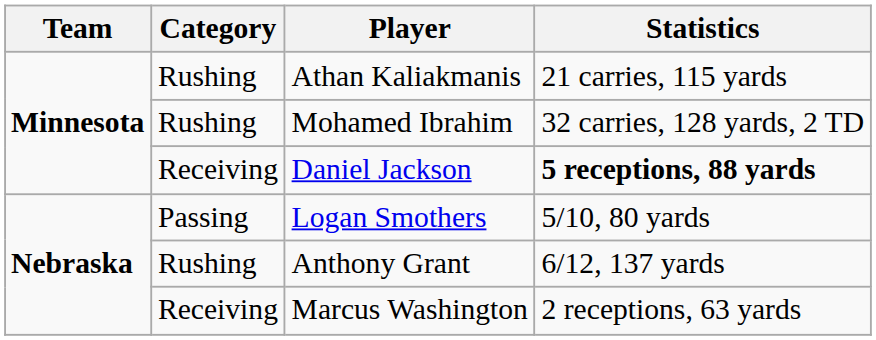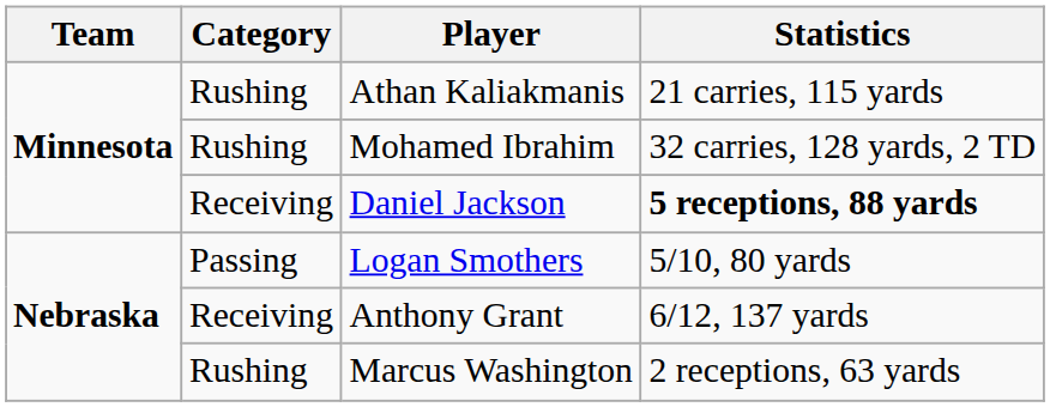 <table class="wikitable" style="float: right;">
 <tr>
 <th>Team</th>
 <th>Category</th>
 <th>Player</th>
 <th>Statistics</th>
 </tr>
 <tr>
 <td rowspan=3><strong>Minnesota</strong></td>
 <td>Rushing</td>
 <td>Athan Kaliakmanis</td>
 <td>21 carries, 115 yards</td>
 </tr>
 <tr>
 <td>Rushing</td>
 <td>Mohamed Ibrahim</td>
 <td>32 carries, 128 yards, 2 TD</td>
 </tr>
 <tr>
 <td>Receiving</td>
 <td><a href='#'>Daniel Jackson</a></td>
 <td><strong>5 receptions, 88 yards</strong></td>
 </tr>
 <tr>
 <td rowspan=3><strong>Nebraska</strong></td>
 <td>Passing</td>
 <td><a href='#'>Logan Smothers</a></td>
 <td>5/10, 80 yards</td>
 </tr>
 <tr>
-<td>Rushing</td>
+<td>Receiving</td>
 <td>Anthony Grant</td>
 <td>6/12, 137 yards</td>
 </tr>
 <tr>
-<td>Receiving</td>
+<td>Rushing</td>
 <td>Marcus Washington</td>
 <td>2 receptions, 63 yards</td>
 </tr>
 </table>
